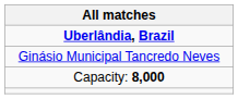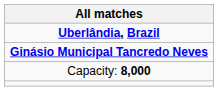 <table class=wikitable style=text-align:center width=280>
 <tr>
 <th>All matches</th>
 </tr>
 <tr>
 <td> <strong><a href='#'>Uberlândia</a>, <a href='#'>Brazil</a></strong></td>
 </tr>
 <tr>
-<td><a href='#'>Ginásio Municipal Tancredo Neves</a></td>
+<td><strong><a href='#'>Ginásio Municipal Tancredo Neves</a></strong></td>
 </tr>
 <tr>
 <td>Capacity: <strong>8,000</strong></td>
 </tr>
 <tr>
 <td></td>
 </tr>
 </table>
